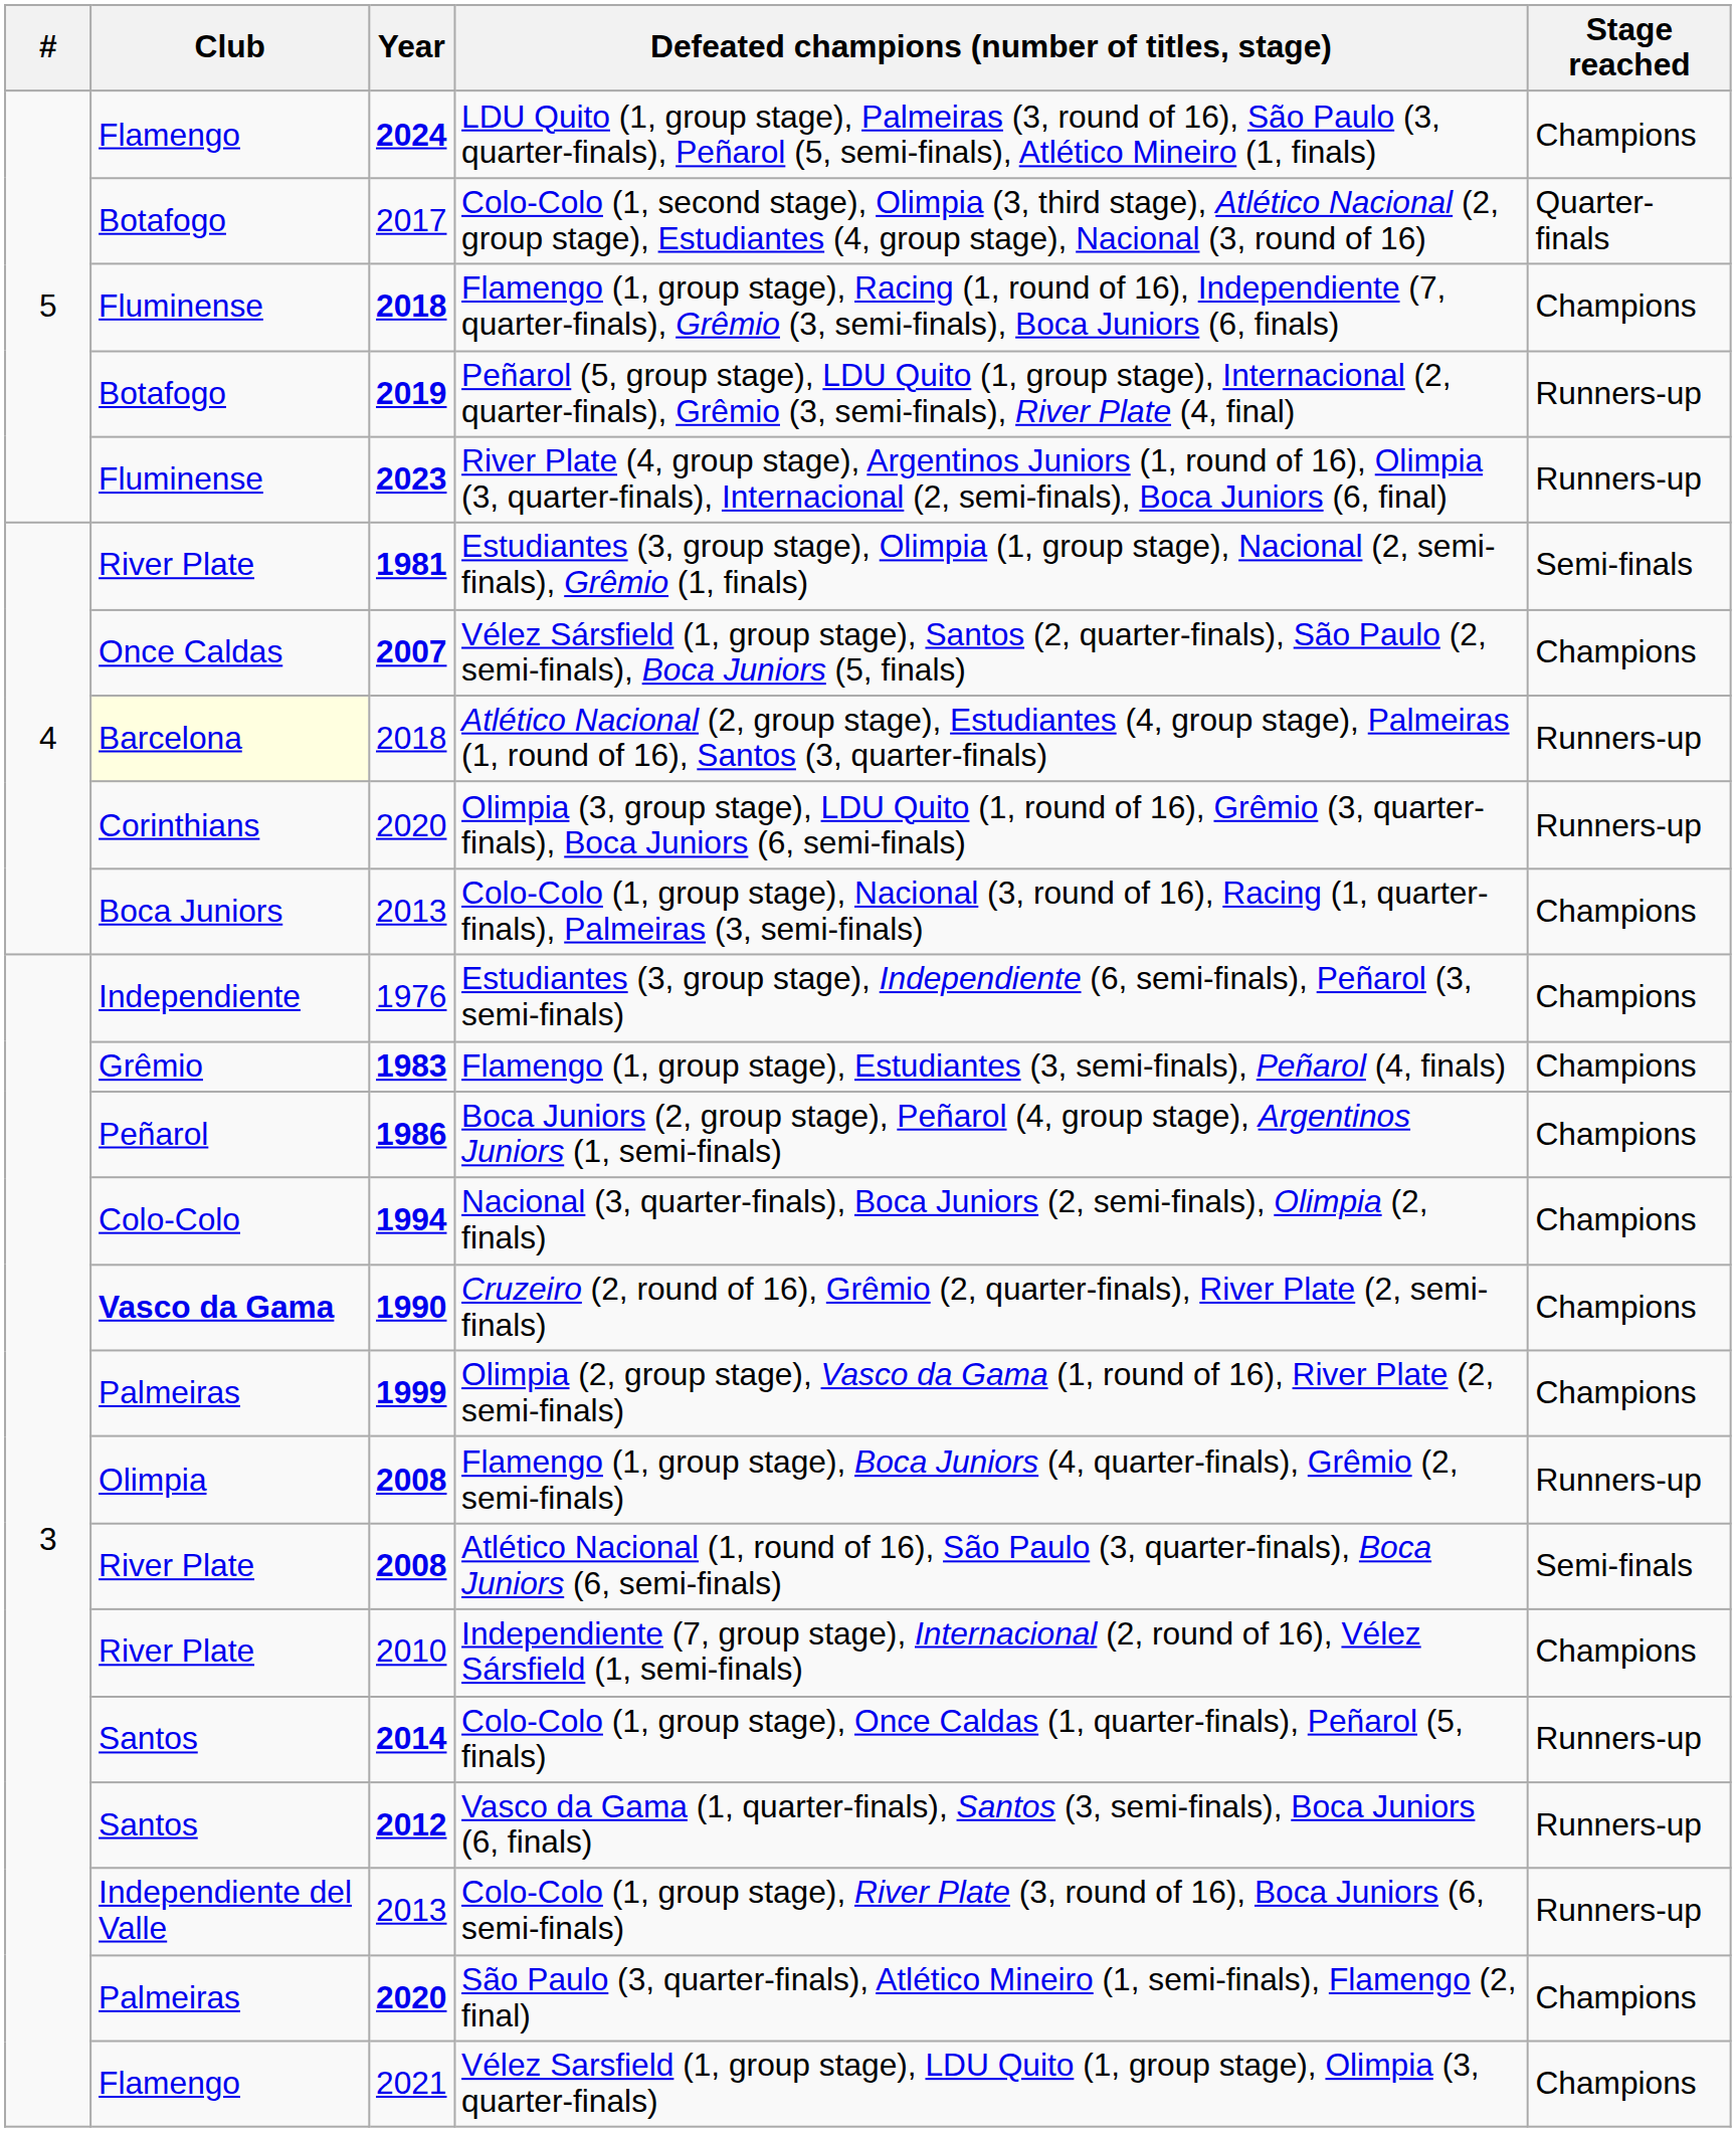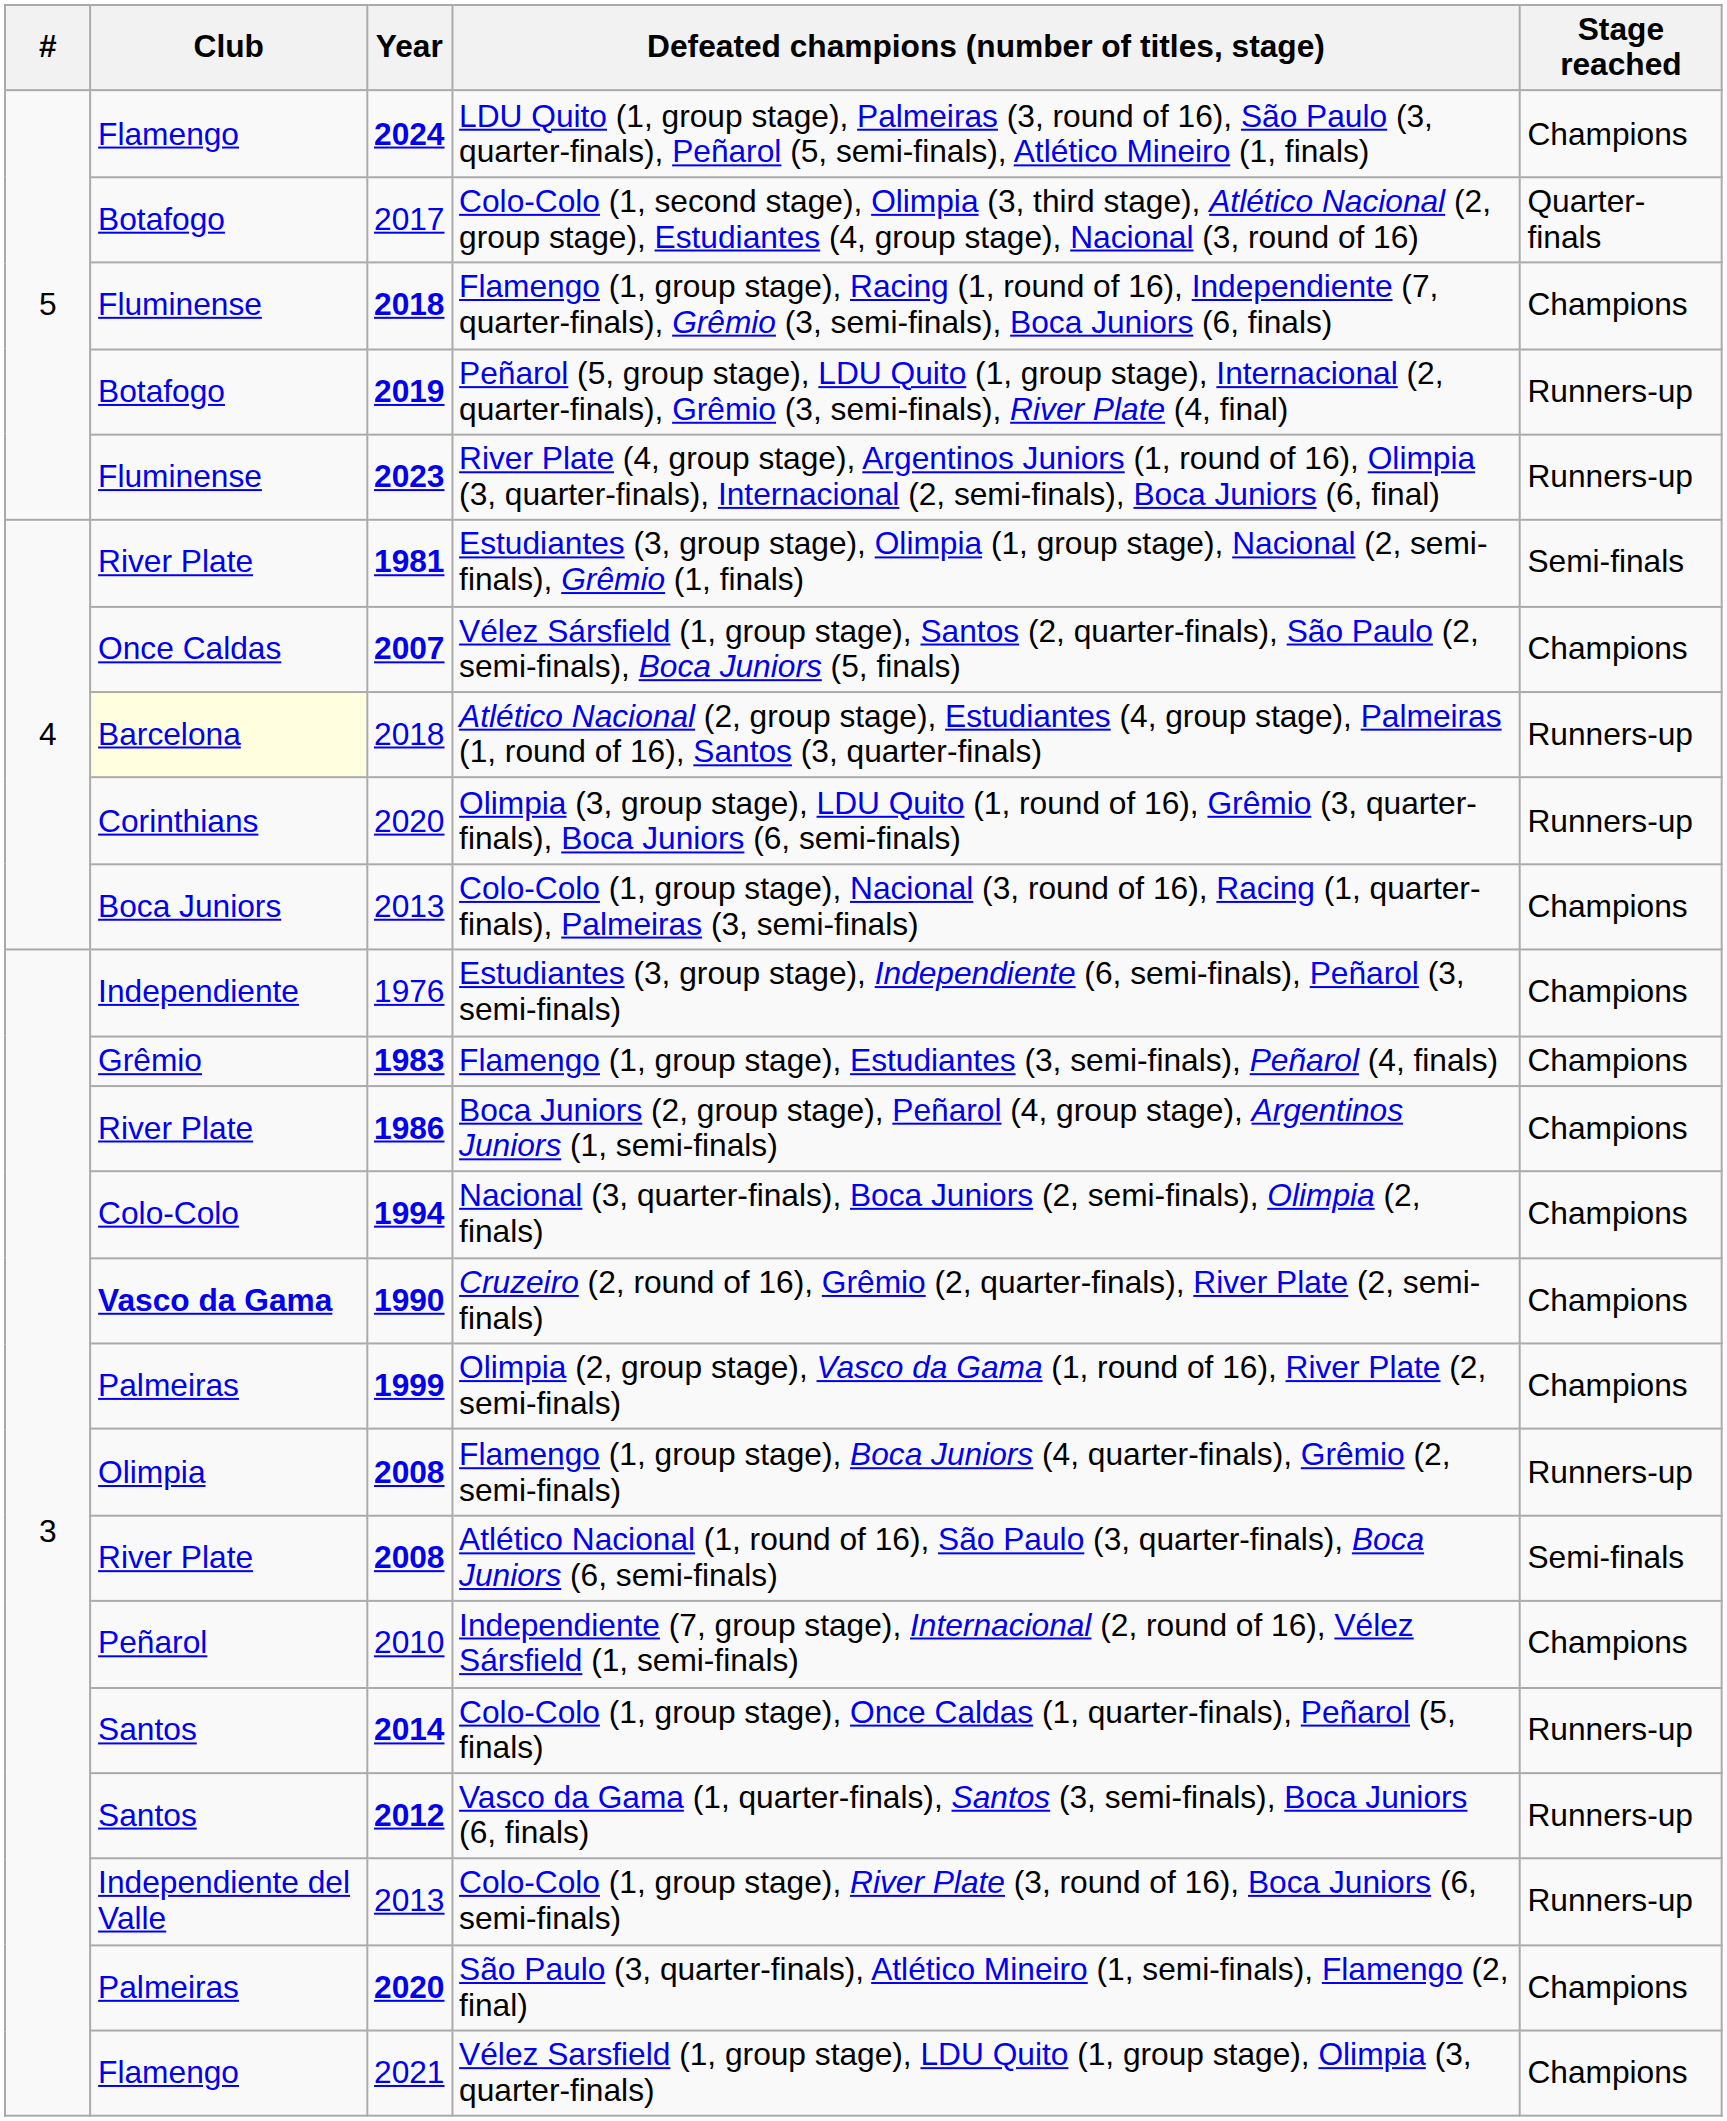 <table class="wikitable plainrowheaders sortable">
 <tr>
 <th width=5%>#</th>
 <th>Club</th>
 <th>Year</th>
 <th>Defeated champions (number of titles, stage)</th>
 <th>Stage reached</th>
 </tr>
 <tr>
 <td rowspan="5" style="text-align: center">5</td>
 <td> <a href='#'>Flamengo</a></td>
 <td><strong><a href='#'>2024</a></strong></td>
 <td><a href='#'>LDU Quito</a> (1, group stage), <a href='#'>Palmeiras</a> (3, round of 16), <a href='#'>São Paulo</a> (3, quarter-finals), <a href='#'>Peñarol</a> (5, semi-finals), <a href='#'>Atlético Mineiro</a> (1, finals)</td>
 <td>Champions</td>
 </tr>
 <tr>
 <td> <a href='#'>Botafogo</a></td>
 <td><a href='#'>2017</a></td>
 <td><a href='#'>Colo-Colo</a> (1, second stage), <a href='#'>Olimpia</a> (3, third stage), <em><a href='#'>Atlético Nacional</a></em> (2, group stage), <a href='#'>Estudiantes</a> (4, group stage), <a href='#'>Nacional</a> (3, round of 16)</td>
 <td>Quarter-finals</td>
 </tr>
 <tr>
 <td> <a href='#'>Fluminense</a></td>
 <td><strong><a href='#'>2018</a></strong></td>
 <td><a href='#'>Flamengo</a> (1, group stage), <a href='#'>Racing</a> (1, round of 16), <a href='#'>Independiente</a> (7, quarter-finals), <em><a href='#'>Grêmio</a></em> (3, semi-finals), <a href='#'>Boca Juniors</a> (6, finals)</td>
 <td>Champions</td>
 </tr>
 <tr>
 <td> <a href='#'>Botafogo</a></td>
 <td><strong><a href='#'>2019</a></strong></td>
 <td><a href='#'>Peñarol</a> (5, group stage), <a href='#'>LDU Quito</a> (1, group stage), <a href='#'>Internacional</a> (2, quarter-finals), <a href='#'>Grêmio</a> (3, semi-finals), <em><a href='#'>River Plate</a></em> (4, final)</td>
 <td>Runners-up</td>
 </tr>
 <tr>
 <td> <a href='#'>Fluminense</a></td>
 <td><strong><a href='#'>2023</a></strong></td>
 <td><a href='#'>River Plate</a> (4, group stage), <a href='#'>Argentinos Juniors</a> (1, round of 16), <a href='#'>Olimpia</a> (3, quarter-finals), <a href='#'>Internacional</a> (2, semi-finals), <a href='#'>Boca Juniors</a> (6, final)</td>
 <td>Runners-up</td>
 </tr>
 <tr>
 <td rowspan="5" style="text-align: center">4</td>
 <td> <a href='#'>River Plate</a></td>
 <td><strong><a href='#'>1981</a></strong></td>
 <td><a href='#'>Estudiantes</a> (3, group stage), <a href='#'>Olimpia</a> (1, group stage), <a href='#'>Nacional</a> (2, semi-finals), <em><a href='#'>Grêmio</a></em> (1, finals)</td>
 <td>Semi-finals</td>
 </tr>
 <tr>
 <td> <a href='#'>Once Caldas</a></td>
 <td><strong><a href='#'>2007</a></strong></td>
 <td><a href='#'>Vélez Sársfield</a> (1, group stage), <a href='#'>Santos</a> (2, quarter-finals), <a href='#'>São Paulo</a> (2, semi-finals), <em><a href='#'>Boca Juniors</a></em> (5, finals)</td>
 <td>Champions</td>
 </tr>
 <tr>
 <td style="background: lightyellow;"> <a href='#'>Barcelona</a></td>
 <td><a href='#'>2018</a></td>
 <td><em><a href='#'>Atlético Nacional</a></em> (2, group stage), <a href='#'>Estudiantes</a> (4, group stage), <a href='#'>Palmeiras</a> (1, round of 16), <a href='#'>Santos</a> (3, quarter-finals)</td>
 <td>Runners-up</td>
 </tr>
 <tr>
 <td> <a href='#'>Corinthians</a></td>
 <td><a href='#'>2020</a></td>
 <td><a href='#'>Olimpia</a> (3, group stage), <a href='#'>LDU Quito</a> (1, round of 16), <a href='#'>Grêmio</a> (3, quarter-finals), <a href='#'>Boca Juniors</a> (6, semi-finals)</td>
 <td>Runners-up</td>
 </tr>
 <tr>
 <td> <a href='#'>Boca Juniors</a></td>
 <td><a href='#'>2013</a></td>
 <td><a href='#'>Colo-Colo</a> (1, group stage), <a href='#'>Nacional</a> (3, round of 16), <a href='#'>Racing</a> (1, quarter-finals), <a href='#'>Palmeiras</a> (3, semi-finals)</td>
 <td>Champions</td>
 </tr>
 <tr>
 <td rowspan=14 style="text-align: center">3</td>
 <td> <a href='#'>Independiente</a></td>
 <td><a href='#'>1976</a></td>
 <td><a href='#'>Estudiantes</a> (3, group stage), <em><a href='#'>Independiente</a></em> (6, semi-finals), <a href='#'>Peñarol</a> (3, semi-finals)</td>
 <td>Champions</td>
 </tr>
 <tr>
 <td> <a href='#'>Grêmio</a></td>
 <td><strong><a href='#'>1983</a></strong></td>
 <td><a href='#'>Flamengo</a> (1, group stage), <a href='#'>Estudiantes</a> (3, semi-finals), <em><a href='#'>Peñarol</a></em> (4, finals)</td>
 <td>Champions</td>
 </tr>
 <tr>
-<td> <a href='#'>Peñarol</a></td>
+<td> <a href='#'>River Plate</a></td>
 <td><strong><a href='#'>1986</a></strong></td>
 <td><a href='#'>Boca Juniors</a> (2, group stage), <a href='#'>Peñarol</a> (4, group stage), <em><a href='#'>Argentinos Juniors</a></em> (1, semi-finals)</td>
 <td>Champions</td>
 </tr>
 <tr>
 <td> <a href='#'>Colo-Colo</a></td>
 <td><strong><a href='#'>1994</a></strong></td>
 <td><a href='#'>Nacional</a> (3, quarter-finals), <a href='#'>Boca Juniors</a> (2, semi-finals), <em><a href='#'>Olimpia</a></em> (2, finals)</td>
 <td>Champions</td>
 </tr>
 <tr>
 <td><strong> <a href='#'>Vasco da Gama</a></strong></td>
 <td><strong><a href='#'>1990</a></strong></td>
 <td><em><a href='#'>Cruzeiro</a></em> (2, round of 16), <a href='#'>Grêmio</a> (2, quarter-finals), <a href='#'>River Plate</a> (2, semi-finals)</td>
 <td>Champions</td>
 </tr>
 <tr>
 <td> <a href='#'>Palmeiras</a></td>
 <td><strong><a href='#'>1999</a></strong></td>
 <td><a href='#'>Olimpia</a> (2, group stage), <em><a href='#'>Vasco da Gama</a></em> (1, round of 16), <a href='#'>River Plate</a> (2, semi-finals)</td>
 <td>Champions</td>
 </tr>
 <tr>
 <td> <a href='#'>Olimpia</a></td>
 <td><strong><a href='#'>2008</a></strong></td>
 <td><a href='#'>Flamengo</a> (1, group stage), <em><a href='#'>Boca Juniors</a></em> (4, quarter-finals), <a href='#'>Grêmio</a> (2, semi-finals)</td>
 <td>Runners-up</td>
 </tr>
 <tr>
 <td> <a href='#'>River Plate</a></td>
 <td><strong><a href='#'>2008</a></strong></td>
 <td><a href='#'>Atlético Nacional</a> (1, round of 16), <a href='#'>São Paulo</a> (3, quarter-finals), <em><a href='#'>Boca Juniors</a></em> (6, semi-finals)</td>
 <td>Semi-finals</td>
 </tr>
 <tr>
-<td> <a href='#'>River Plate</a></td>
+<td> <a href='#'>Peñarol</a></td>
 <td><a href='#'>2010</a></td>
 <td><a href='#'>Independiente</a> (7, group stage), <em><a href='#'>Internacional</a></em> (2, round of 16), <a href='#'>Vélez Sársfield</a> (1, semi-finals)</td>
 <td>Champions</td>
 </tr>
 <tr>
 <td> <a href='#'>Santos</a></td>
 <td><strong><a href='#'>2014</a></strong></td>
 <td><a href='#'>Colo-Colo</a> (1, group stage), <a href='#'>Once Caldas</a> (1, quarter-finals), <a href='#'>Peñarol</a> (5, finals)</td>
 <td>Runners-up</td>
 </tr>
 <tr>
 <td> <a href='#'>Santos</a></td>
 <td><strong><a href='#'>2012</a></strong></td>
 <td><a href='#'>Vasco da Gama</a> (1, quarter-finals), <em><a href='#'>Santos</a></em> (3, semi-finals), <a href='#'>Boca Juniors</a> (6, finals)</td>
 <td>Runners-up</td>
 </tr>
 <tr>
 <td> <a href='#'>Independiente del Valle</a></td>
 <td><a href='#'>2013</a></td>
 <td><a href='#'>Colo-Colo</a> (1, group stage), <em><a href='#'>River Plate</a></em> (3, round of 16), <a href='#'>Boca Juniors</a> (6, semi-finals)</td>
 <td>Runners-up</td>
 </tr>
 <tr>
 <td> <a href='#'>Palmeiras</a></td>
 <td><strong><a href='#'>2020</a></strong></td>
 <td><a href='#'>São Paulo</a> (3, quarter-finals), <a href='#'>Atlético Mineiro</a> (1, semi-finals), <a href='#'>Flamengo</a> (2, final)</td>
 <td>Champions</td>
 </tr>
 <tr>
 <td> <a href='#'>Flamengo</a></td>
 <td><a href='#'>2021</a></td>
 <td><a href='#'>Vélez Sarsfield</a> (1, group stage), <a href='#'>LDU Quito</a> (1, group stage), <a href='#'>Olimpia</a> (3, quarter-finals)</td>
 <td>Champions</td>
 </tr>
 </table>
